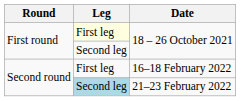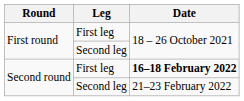 <table class="wikitable">
 <tr>
 <th>Round</th>
 <th>Leg</th>
 <th>Date</th>
 </tr>
 <tr>
 <td rowspan=2>First round</td>
-<td style="background: lightyellow;">First leg</td>
+<td>First leg</td>
 <td rowspan=2>18 – 26 October 2021</td>
 </tr>
 <tr>
 <td>Second leg</td>
 </tr>
 <tr>
 <td rowspan=2>Second round</td>
 <td>First leg</td>
-<td>16–18 February 2022</td>
+<td><strong>16–18 February 2022</strong></td>
 </tr>
 <tr>
-<td style="background: lightblue;">Second leg</td>
+<td>Second leg</td>
 <td>21–23 February 2022</td>
 </tr>
 </table>
